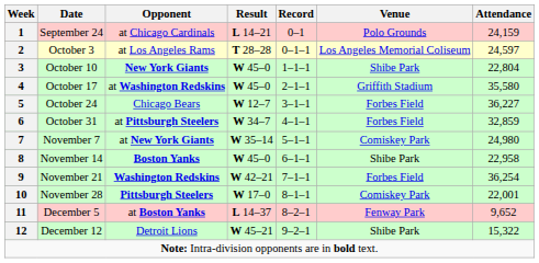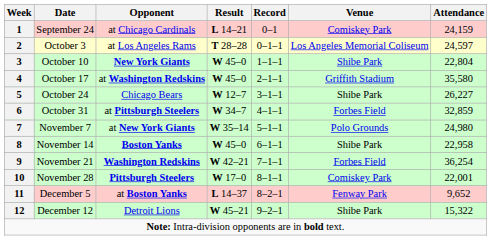 <table class="wikitable" style="text-align:center">
 <tr>
 <th>Week</th>
 <th>Date</th>
 <th>Opponent</th>
 <th>Result</th>
 <th>Record</th>
 <th>Venue</th>
 <th>Attendance</th>
 </tr>
 <tr style="background:#fcc">
 <th>1</th>
 <td>September 24</td>
 <td>at <a href='#'>Chicago Cardinals</a></td>
 <td><strong>L</strong> 14–21</td>
 <td>0–1</td>
-<td><a href='#'>Polo Grounds</a></td>
+<td><a href='#'>Comiskey Park</a></td>
 <td>24,159</td>
 </tr>
 <tr style="background:#ffc">
 <th>2</th>
 <td>October 3</td>
 <td>at <a href='#'>Los Angeles Rams</a></td>
 <td><strong>T</strong> 28–28</td>
 <td>0–1–1</td>
 <td><a href='#'>Los Angeles Memorial Coliseum</a></td>
 <td>24,597</td>
 </tr>
 <tr style="background:#cfc">
 <th>3</th>
 <td>October 10</td>
 <td><strong><a href='#'>New York Giants</a></strong></td>
 <td><strong>W</strong> 45–0</td>
 <td>1–1–1</td>
 <td><a href='#'>Shibe Park</a></td>
 <td>22,804</td>
 </tr>
 <tr style="background:#cfc">
 <th>4</th>
 <td>October 17</td>
 <td>at <strong><a href='#'>Washington Redskins</a></strong></td>
 <td><strong>W</strong> 45–0</td>
 <td>2–1–1</td>
 <td><a href='#'>Griffith Stadium</a></td>
 <td>35,580</td>
 </tr>
 <tr style="background:#cfc">
 <th>5</th>
 <td>October 24</td>
 <td><a href='#'>Chicago Bears</a></td>
 <td><strong>W</strong> 12–7</td>
 <td>3–1–1</td>
-<td><a href='#'>Forbes Field</a></td>
-<td>36,227</td>
+<td>Shibe Park</td>
+<td>26,227</td>
 </tr>
 <tr style="background:#cfc">
 <th>6</th>
 <td>October 31</td>
 <td>at <strong><a href='#'>Pittsburgh Steelers</a></strong></td>
 <td><strong>W</strong> 34–7</td>
 <td>4–1–1</td>
 <td><a href='#'>Forbes Field</a></td>
 <td>32,859</td>
 </tr>
 <tr style="background:#cfc">
 <th>7</th>
 <td>November 7</td>
 <td>at <strong><a href='#'>New York Giants</a></strong></td>
 <td><strong>W</strong> 35–14</td>
 <td>5–1–1</td>
-<td><a href='#'>Comiskey Park</a></td>
+<td><a href='#'>Polo Grounds</a></td>
 <td>24,980</td>
 </tr>
 <tr style="background:#cfc">
 <th>8</th>
 <td>November 14</td>
 <td><strong><a href='#'>Boston Yanks</a></strong></td>
 <td><strong>W</strong> 45–0</td>
 <td>6–1–1</td>
 <td>Shibe Park</td>
 <td>22,958</td>
 </tr>
 <tr style="background:#cfc">
 <th>9</th>
 <td>November 21</td>
 <td><strong><a href='#'>Washington Redskins</a></strong></td>
 <td><strong>W</strong> 42–21</td>
 <td>7–1–1</td>
 <td><a href='#'>Forbes Field</a></td>
 <td>36,254</td>
 </tr>
 <tr style="background:#cfc">
 <th>10</th>
 <td>November 28</td>
 <td><strong><a href='#'>Pittsburgh Steelers</a></strong></td>
 <td><strong>W</strong> 17–0</td>
 <td>8–1–1</td>
 <td><a href='#'>Comiskey Park</a></td>
 <td>22,001</td>
 </tr>
 <tr style="background:#fcc">
 <th>11</th>
 <td>December 5</td>
 <td>at <strong><a href='#'>Boston Yanks</a></strong></td>
 <td><strong>L</strong> 14–37</td>
 <td>8–2–1</td>
 <td><a href='#'>Fenway Park</a></td>
 <td>9,652</td>
 </tr>
 <tr style="background:#cfc">
 <th>12</th>
 <td>December 12</td>
 <td><a href='#'>Detroit Lions</a></td>
 <td><strong>W</strong> 45–21</td>
 <td>9–2–1</td>
 <td>Shibe Park</td>
 <td>15,322</td>
 </tr>
 <tr>
 <td colspan="8"><strong>Note:</strong> Intra-division opponents are in <strong>bold</strong> text.</td>
 </tr>
 </table>
